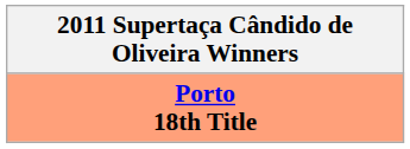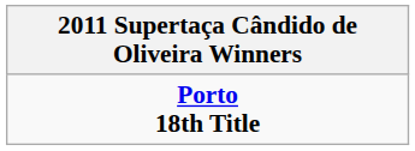 <table class="wikitable" style="text-align: center; margin: 0 auto; width: 20%">
 <tr>
 <th>2011 Supertaça Cândido de Oliveira Winners</th>
 </tr>
 <tr>
-<td style="background: lightsalmon;"><strong><a href='#'>Porto</a></strong><br><strong>18th Title</strong></td>
+<td><strong><a href='#'>Porto</a></strong><br><strong>18th Title</strong></td>
 </tr>
 </table>
